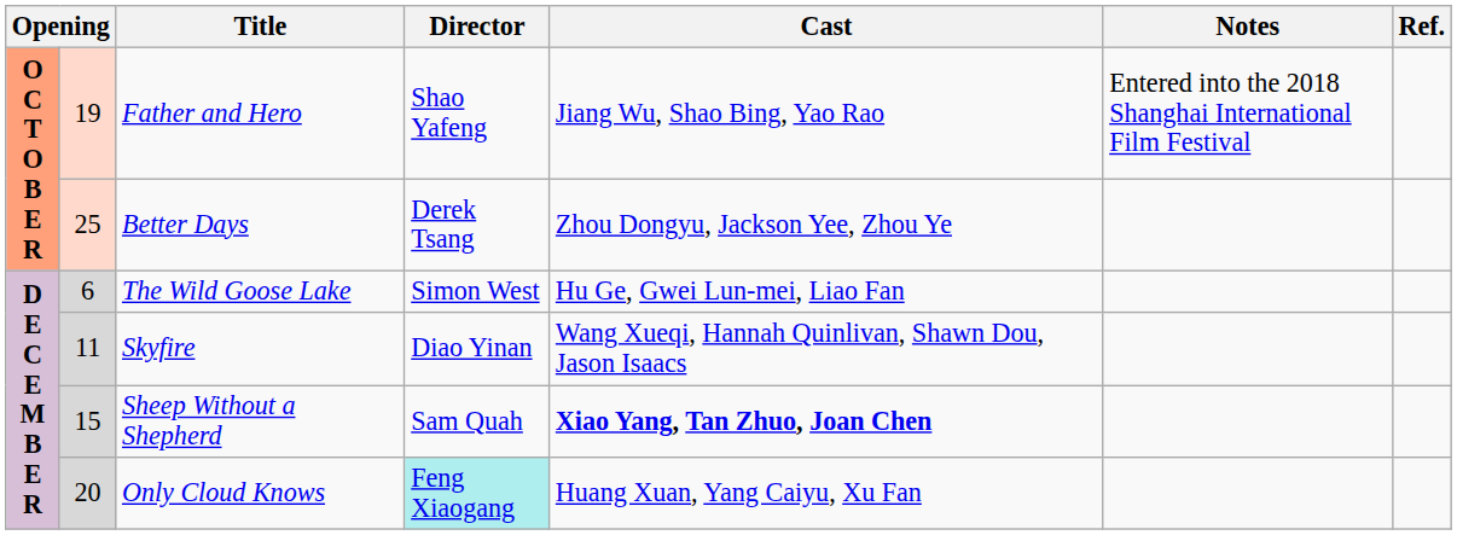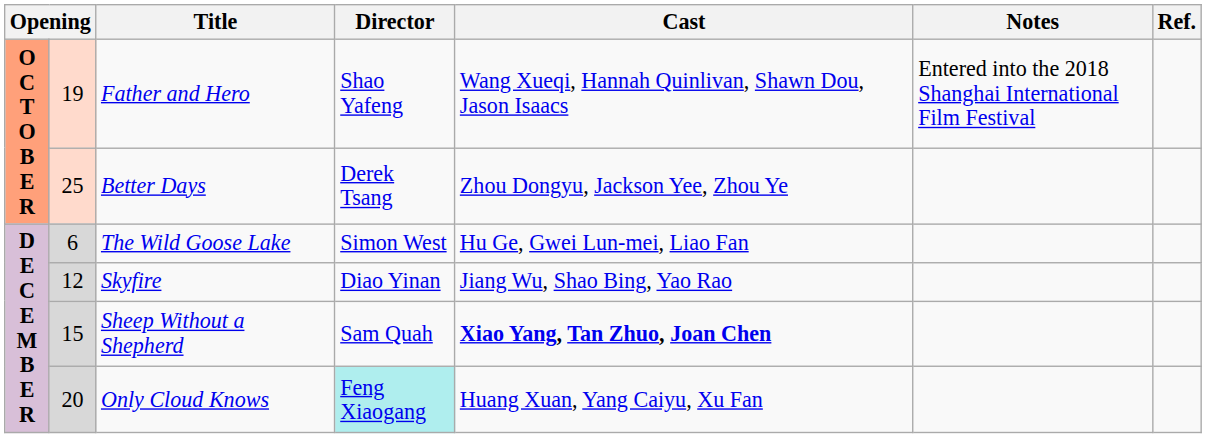 <table class="wikitable">
 <tr>
 <th colspan="2">Opening</th>
 <th style="width:20%;">Title</th>
 <th style="width:10%;">Director</th>
 <th>Cast</th>
 <th style="width:20%">Notes</th>
 <th>Ref.</th>
 </tr>
 <tr>
 <td rowspan=2 style="text-align:center; background:#ffa07a; textcolor:#000;"><strong>O<br>C<br>T<br>O<br>B<br>E<br>R</strong></td>
 <td rowspan=1 style="text-align:center; background:#ffdacc; textcolor:#000;">19</td>
 <td><em><a href='#'>Father and Hero</a></em></td>
 <td><a href='#'>Shao Yafeng</a></td>
-<td><a href='#'>Jiang Wu</a>, <a href='#'>Shao Bing</a>, <a href='#'>Yao Rao</a></td>
+<td><a href='#'>Wang Xueqi</a>, <a href='#'>Hannah Quinlivan</a>, <a href='#'>Shawn Dou</a>, <a href='#'>Jason Isaacs</a></td>
 <td>Entered into the 2018 <a href='#'>Shanghai International Film Festival</a></td>
 <td style="text-align:center;"></td>
 </tr>
 <tr>
 <td rowspan=1 style="text-align:center; background:#ffdacc; textcolor:#000;">25</td>
 <td><em><a href='#'>Better Days</a></em></td>
 <td><a href='#'>Derek Tsang</a></td>
 <td><a href='#'>Zhou Dongyu</a>, <a href='#'>Jackson Yee</a>, <a href='#'>Zhou Ye</a></td>
 <td></td>
 <td style="text-align:center;"></td>
 </tr>
 <tr>
 <td rowspan=4 style="text-align:center; background:thistle; textcolor:#000;"><strong>D<br>E<br>C<br>E<br>M<br>B<br>E<br>R</strong></td>
 <td rowspan=1 style="text-align:center; background:#d8d8d8; textcolor:#000;">6</td>
 <td><em><a href='#'>The Wild Goose Lake</a></em></td>
 <td><a href='#'>Simon West</a></td>
 <td><a href='#'>Hu Ge</a>, <a href='#'>Gwei Lun-mei</a>, <a href='#'>Liao Fan</a></td>
 <td></td>
 <td style="text-align:center;"></td>
 </tr>
 <tr>
-<td rowspan=1 style="text-align:center; background:#d8d8d8; textcolor:#000;">11</td>
+<td rowspan=1 style="text-align:center; background:#d8d8d8; textcolor:#000;">12</td>
 <td><em><a href='#'>Skyfire</a></em></td>
 <td><a href='#'>Diao Yinan</a></td>
-<td><a href='#'>Wang Xueqi</a>, <a href='#'>Hannah Quinlivan</a>, <a href='#'>Shawn Dou</a>, <a href='#'>Jason Isaacs</a></td>
+<td><a href='#'>Jiang Wu</a>, <a href='#'>Shao Bing</a>, <a href='#'>Yao Rao</a></td>
 <td></td>
 <td></td>
 </tr>
 <tr>
 <td rowspan=1 style="text-align:center; background:#d8d8d8; textcolor:#000;">15</td>
 <td><em><a href='#'>Sheep Without a Shepherd</a></em></td>
 <td><a href='#'>Sam Quah</a></td>
 <td><strong><a href='#'>Xiao Yang</a>, <a href='#'>Tan Zhuo</a>, <a href='#'>Joan Chen</a></strong></td>
 <td></td>
 <td style="text-align:center;"></td>
 </tr>
 <tr>
 <td rowspan=1 style="text-align:center; background:#d8d8d8; textcolor:#000;">20</td>
 <td><em><a href='#'>Only Cloud Knows</a></em></td>
 <td style="background: paleturquoise;"><a href='#'>Feng Xiaogang</a></td>
 <td><a href='#'>Huang Xuan</a>, <a href='#'>Yang Caiyu</a>, <a href='#'>Xu Fan</a></td>
 <td></td>
 <td style="text-align:center;"></td>
 </tr>
 </table>
